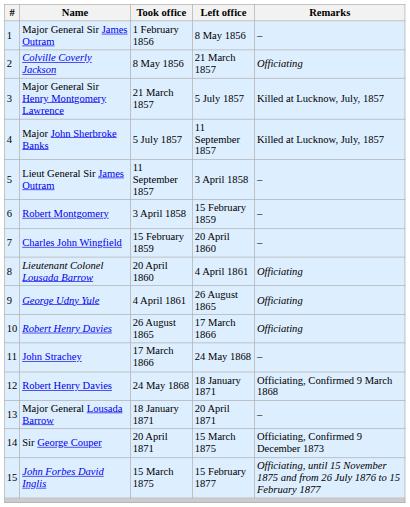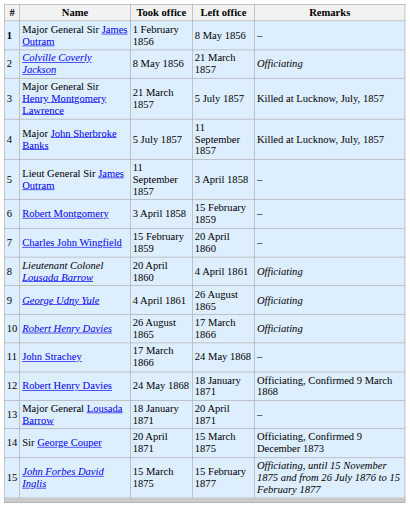 <table class="wikitable">
 <tr>
 <th>#</th>
 <th>Name</th>
 <th>Took office</th>
 <th>Left office</th>
 <th>Remarks</th>
 </tr>
 <tr>
-<td style="background:#def;">1</td>
+<td style="background:#def;"><strong>1</strong></td>
 <td style="background:#def;">Major General Sir <a href='#'>James Outram</a></td>
 <td style="background:#def;">1 February 1856</td>
 <td style="background:#def;">8 May 1856</td>
 <td style="background:#def;">–</td>
 </tr>
 <tr style="background:#def;">
 <td>2</td>
 <td><em><a href='#'>Colville Coverly Jackson</a></em></td>
 <td>8 May 1856</td>
 <td>21 March 1857</td>
 <td><em>Officiating</em></td>
 </tr>
 <tr style="background:#def;">
 <td>3</td>
 <td>Major General Sir <a href='#'>Henry Montgomery Lawrence</a></td>
 <td>21 March 1857</td>
 <td>5 July 1857</td>
 <td>Killed at Lucknow, July, 1857</td>
 </tr>
 <tr style="background:#def;">
 <td>4</td>
 <td>Major <a href='#'>John Sherbroke Banks</a></td>
 <td>5 July 1857</td>
 <td>11 September 1857</td>
 <td>Killed at Lucknow, July, 1857</td>
 </tr>
 <tr>
 <td style="background:#def;">5</td>
 <td style="background:#def;">Lieut General Sir <a href='#'>James Outram</a></td>
 <td style="background:#def;">11 September 1857</td>
 <td style="background:#def;">3 April 1858</td>
 <td style="background:#def;">–</td>
 </tr>
 <tr>
 <td style="background:#def;">6</td>
 <td style="background:#def;"><a href='#'>Robert Montgomery</a></td>
 <td style="background:#def;">3 April 1858</td>
 <td style="background:#def;">15 February 1859</td>
 <td style="background:#def;">–</td>
 </tr>
 <tr style="background:#def;">
 <td>7</td>
 <td><a href='#'>Charles John Wingfield</a></td>
 <td>15 February 1859</td>
 <td>20 April 1860</td>
 <td>–</td>
 </tr>
 <tr style="background:#def;">
 <td>8</td>
 <td><em>Lieutenant Colonel <a href='#'>Lousada Barrow</a></em></td>
 <td>20 April 1860</td>
 <td>4 April 1861</td>
 <td><em>Officiating</em></td>
 </tr>
 <tr>
 <td style="background:#def;">9</td>
 <td style="background:#def;"><em><a href='#'>George Udny Yule</a></em></td>
 <td style="background:#def;">4 April 1861</td>
 <td style="background:#def;">26 August 1865</td>
 <td style="background:#def;"><em>Officiating</em></td>
 </tr>
 <tr style="background:#def;">
 <td>10</td>
 <td><em><a href='#'>Robert Henry Davies</a></em></td>
 <td>26 August 1865</td>
 <td>17 March 1866</td>
 <td><em>Officiating</em></td>
 </tr>
 <tr>
 <td style="background:#def;">11</td>
 <td style="background:#def;"><a href='#'>John Strachey</a></td>
 <td style="background:#def;">17 March 1866</td>
 <td style="background:#def;">24 May 1868</td>
 <td style="background:#def;">–</td>
 </tr>
 <tr style="background:#def;">
 <td>12</td>
 <td><a href='#'>Robert Henry Davies</a></td>
 <td>24 May 1868</td>
 <td>18 January 1871</td>
 <td>Officiating, Confirmed 9 March 1868</td>
 </tr>
 <tr style="background:#def;">
 <td>13</td>
 <td>Major General <a href='#'>Lousada Barrow</a></td>
 <td>18 January 1871</td>
 <td>20 April 1871</td>
 <td>–</td>
 </tr>
 <tr style="background:#def;">
 <td>14</td>
 <td>Sir <a href='#'>George Couper</a></td>
 <td>20 April 1871</td>
 <td>15 March 1875</td>
 <td>Officiating, Confirmed 9 December 1873</td>
 </tr>
 <tr style="background:#def;">
 <td>15</td>
 <td><em><a href='#'>John Forbes David Inglis</a></em></td>
 <td>15 March 1875</td>
 <td>15 February 1877</td>
 <td><em>Officiating, until 15 November 1875 and from 26 July 1876 to 15 February 1877</em></td>
 </tr>
 <tr>
 <td style="background:#ccc;" colspan="5"></td>
 </tr>
 </table>
